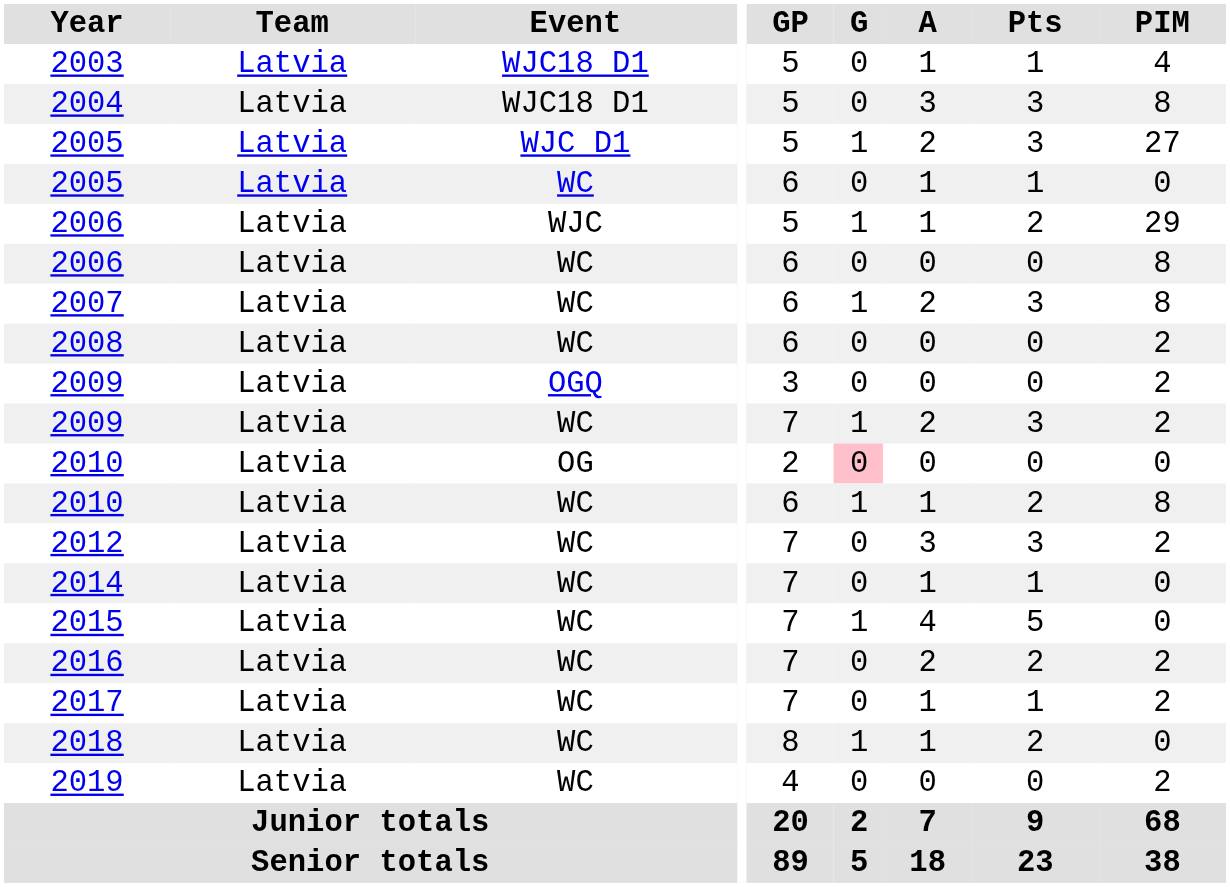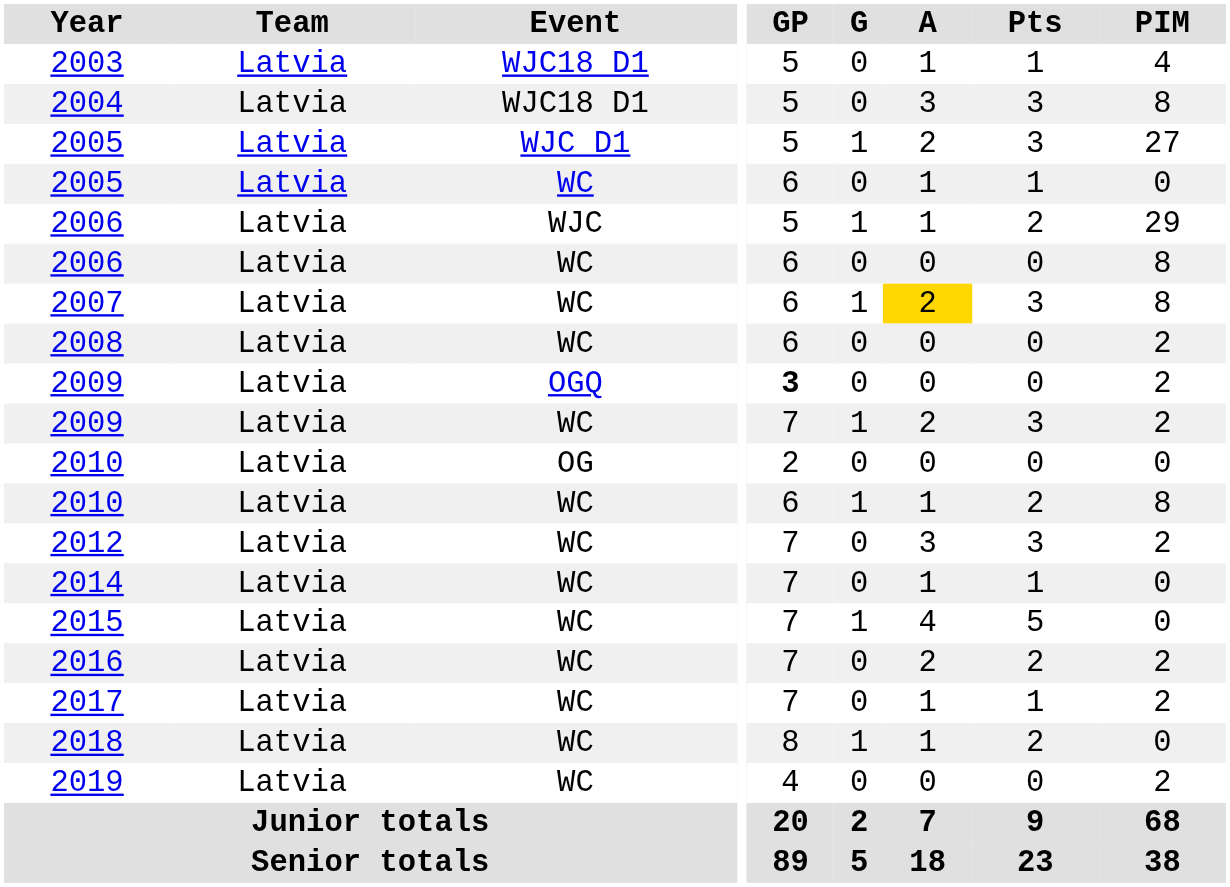 <table border="0" cellpadding="1" cellspacing="0" ID="Table3" style="text-align:center; width:40em">
 <tr ALIGN="center" bgcolor="#e0e0e0">
 <th>Year</th>
 <th>Team</th>
 <th>Event</th>
 <th rowspan="99" bgcolor="#ffffff"></th>
 <th>GP</th>
 <th>G</th>
 <th>A</th>
 <th>Pts</th>
 <th>PIM</th>
 </tr>
 <tr>
 <td><a href='#'>2003</a></td>
 <td><a href='#'>Latvia</a></td>
 <td><a href='#'>WJC18 D1</a></td>
 <td>5</td>
 <td>0</td>
 <td>1</td>
 <td>1</td>
 <td>4</td>
 </tr>
 <tr bgcolor="#f0f0f0">
 <td><a href='#'>2004</a></td>
 <td>Latvia</td>
 <td>WJC18 D1</td>
 <td>5</td>
 <td>0</td>
 <td>3</td>
 <td>3</td>
 <td>8</td>
 </tr>
 <tr>
 <td><a href='#'>2005</a></td>
 <td><a href='#'>Latvia</a></td>
 <td><a href='#'>WJC D1</a></td>
 <td>5</td>
 <td>1</td>
 <td>2</td>
 <td>3</td>
 <td>27</td>
 </tr>
 <tr bgcolor="#f0f0f0">
 <td><a href='#'>2005</a></td>
 <td><a href='#'>Latvia</a></td>
 <td><a href='#'>WC</a></td>
 <td>6</td>
 <td>0</td>
 <td>1</td>
 <td>1</td>
 <td>0</td>
 </tr>
 <tr>
 <td><a href='#'>2006</a></td>
 <td>Latvia</td>
 <td>WJC</td>
 <td>5</td>
 <td>1</td>
 <td>1</td>
 <td>2</td>
 <td>29</td>
 </tr>
 <tr bgcolor="#f0f0f0">
 <td><a href='#'>2006</a></td>
 <td>Latvia</td>
 <td>WC</td>
 <td>6</td>
 <td>0</td>
 <td>0</td>
 <td>0</td>
 <td>8</td>
 </tr>
 <tr>
 <td><a href='#'>2007</a></td>
 <td>Latvia</td>
 <td>WC</td>
 <td>6</td>
 <td>1</td>
-<td>2</td>
+<td style="background: gold;">2</td>
 <td>3</td>
 <td>8</td>
 </tr>
 <tr bgcolor="#f0f0f0">
 <td><a href='#'>2008</a></td>
 <td>Latvia</td>
 <td>WC</td>
 <td>6</td>
 <td>0</td>
 <td>0</td>
 <td>0</td>
 <td>2</td>
 </tr>
 <tr>
 <td><a href='#'>2009</a></td>
 <td>Latvia</td>
 <td><a href='#'>OGQ</a></td>
-<td>3</td>
+<td><strong>3</strong></td>
 <td>0</td>
 <td>0</td>
 <td>0</td>
 <td>2</td>
 </tr>
 <tr bgcolor="#f0f0f0">
 <td><a href='#'>2009</a></td>
 <td>Latvia</td>
 <td>WC</td>
 <td>7</td>
 <td>1</td>
 <td>2</td>
 <td>3</td>
 <td>2</td>
 </tr>
 <tr>
 <td><a href='#'>2010</a></td>
 <td>Latvia</td>
 <td>OG</td>
 <td>2</td>
-<td style="background: pink;">0</td>
+<td>0</td>
 <td>0</td>
 <td>0</td>
 <td>0</td>
 </tr>
 <tr bgcolor="#f0f0f0">
 <td><a href='#'>2010</a></td>
 <td>Latvia</td>
 <td>WC</td>
 <td>6</td>
 <td>1</td>
 <td>1</td>
 <td>2</td>
 <td>8</td>
 </tr>
 <tr>
 <td><a href='#'>2012</a></td>
 <td>Latvia</td>
 <td>WC</td>
 <td>7</td>
 <td>0</td>
 <td>3</td>
 <td>3</td>
 <td>2</td>
 </tr>
 <tr bgcolor="#f0f0f0">
 <td><a href='#'>2014</a></td>
 <td>Latvia</td>
 <td>WC</td>
 <td>7</td>
 <td>0</td>
 <td>1</td>
 <td>1</td>
 <td>0</td>
 </tr>
 <tr>
 <td><a href='#'>2015</a></td>
 <td>Latvia</td>
 <td>WC</td>
 <td>7</td>
 <td>1</td>
 <td>4</td>
 <td>5</td>
 <td>0</td>
 </tr>
 <tr bgcolor="#f0f0f0">
 <td><a href='#'>2016</a></td>
 <td>Latvia</td>
 <td>WC</td>
 <td>7</td>
 <td>0</td>
 <td>2</td>
 <td>2</td>
 <td>2</td>
 </tr>
 <tr>
 <td><a href='#'>2017</a></td>
 <td>Latvia</td>
 <td>WC</td>
 <td>7</td>
 <td>0</td>
 <td>1</td>
 <td>1</td>
 <td>2</td>
 </tr>
 <tr bgcolor="#f0f0f0">
 <td><a href='#'>2018</a></td>
 <td>Latvia</td>
 <td>WC</td>
 <td>8</td>
 <td>1</td>
 <td>1</td>
 <td>2</td>
 <td>0</td>
 </tr>
 <tr>
 <td><a href='#'>2019</a></td>
 <td>Latvia</td>
 <td>WC</td>
 <td>4</td>
 <td>0</td>
 <td>0</td>
 <td>0</td>
 <td>2</td>
 </tr>
 <tr bgcolor="#e0e0e0">
 <th colspan="3">Junior totals</th>
 <th>20</th>
 <th>2</th>
 <th>7</th>
 <th>9</th>
 <th>68</th>
 </tr>
 <tr bgcolor="#e0e0e0">
 <th colspan="3">Senior totals</th>
 <th>89</th>
 <th>5</th>
 <th>18</th>
 <th>23</th>
 <th>38</th>
 </tr>
 </table>
